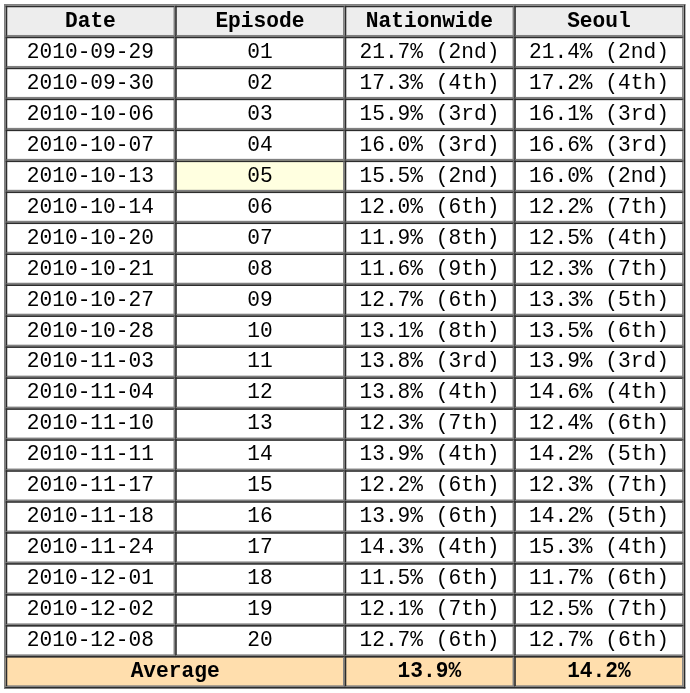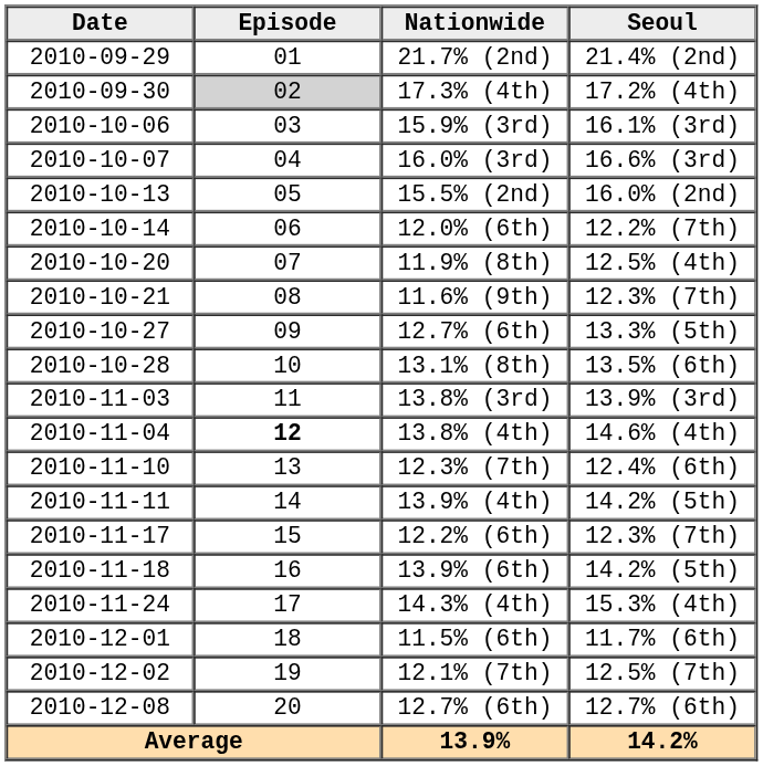 <table border="1" cellpadding="1" cellspacing="0">
 <tr>
 <th width=100 bgcolor="#EDEDED">Date</th>
 <th width=100 bgcolor="#EDEDED">Episode</th>
 <th width=100 bgcolor="#EDEDED">Nationwide</th>
 <th width=100 bgcolor="#EDEDED">Seoul</th>
 </tr>
 <tr align=center>
 <td>2010-09-29</td>
 <td>01</td>
 <td>21.7% (2nd)</td>
 <td>21.4% (2nd)</td>
 </tr>
 <tr align=center>
 <td>2010-09-30</td>
-<td>02</td>
+<td style="background: lightgrey;">02</td>
 <td>17.3% (4th)</td>
 <td>17.2% (4th)</td>
 </tr>
 <tr align=center>
 <td>2010-10-06</td>
 <td>03</td>
 <td>15.9% (3rd)</td>
 <td>16.1% (3rd)</td>
 </tr>
 <tr align=center>
 <td>2010-10-07</td>
 <td>04</td>
 <td>16.0% (3rd)</td>
 <td>16.6% (3rd)</td>
 </tr>
 <tr align=center>
 <td>2010-10-13</td>
-<td style="background: lightyellow;">05</td>
+<td>05</td>
 <td>15.5% (2nd)</td>
 <td>16.0% (2nd)</td>
 </tr>
 <tr align=center>
 <td>2010-10-14</td>
 <td>06</td>
 <td>12.0% (6th)</td>
 <td>12.2% (7th)</td>
 </tr>
 <tr align=center>
 <td>2010-10-20</td>
 <td>07</td>
 <td>11.9% (8th)</td>
 <td>12.5% (4th)</td>
 </tr>
 <tr align=center>
 <td>2010-10-21</td>
 <td>08</td>
 <td>11.6% (9th)</td>
 <td>12.3% (7th)</td>
 </tr>
 <tr align=center>
 <td>2010-10-27</td>
 <td>09</td>
 <td>12.7% (6th)</td>
 <td>13.3% (5th)</td>
 </tr>
 <tr align=center>
 <td>2010-10-28</td>
 <td>10</td>
 <td>13.1% (8th)</td>
 <td>13.5% (6th)</td>
 </tr>
 <tr align=center>
 <td>2010-11-03</td>
 <td>11</td>
 <td>13.8% (3rd)</td>
 <td>13.9% (3rd)</td>
 </tr>
 <tr align=center>
 <td>2010-11-04</td>
-<td>12</td>
+<td><strong>12</strong></td>
 <td>13.8% (4th)</td>
 <td>14.6% (4th)</td>
 </tr>
 <tr align=center>
 <td>2010-11-10</td>
 <td>13</td>
 <td>12.3% (7th)</td>
 <td>12.4% (6th)</td>
 </tr>
 <tr align=center>
 <td>2010-11-11</td>
 <td>14</td>
 <td>13.9% (4th)</td>
 <td>14.2% (5th)</td>
 </tr>
 <tr align=center>
 <td>2010-11-17</td>
 <td>15</td>
 <td>12.2% (6th)</td>
 <td>12.3% (7th)</td>
 </tr>
 <tr align=center>
 <td>2010-11-18</td>
 <td>16</td>
 <td>13.9% (6th)</td>
 <td>14.2% (5th)</td>
 </tr>
 <tr align=center>
 <td>2010-11-24</td>
 <td>17</td>
 <td>14.3% (4th)</td>
 <td>15.3% (4th)</td>
 </tr>
 <tr align=center>
 <td>2010-12-01</td>
 <td>18</td>
 <td>11.5% (6th)</td>
 <td>11.7% (6th)</td>
 </tr>
 <tr align=center>
 <td>2010-12-02</td>
 <td>19</td>
 <td>12.1% (7th)</td>
 <td>12.5% (7th)</td>
 </tr>
 <tr align=center>
 <td>2010-12-08</td>
 <td>20</td>
 <td>12.7% (6th)</td>
 <td>12.7% (6th)</td>
 </tr>
 <tr align="center" style="background:#ffdead;">
 <th colspan=2>Average</th>
 <th>13.9%</th>
 <th>14.2%</th>
 </tr>
 </table>
